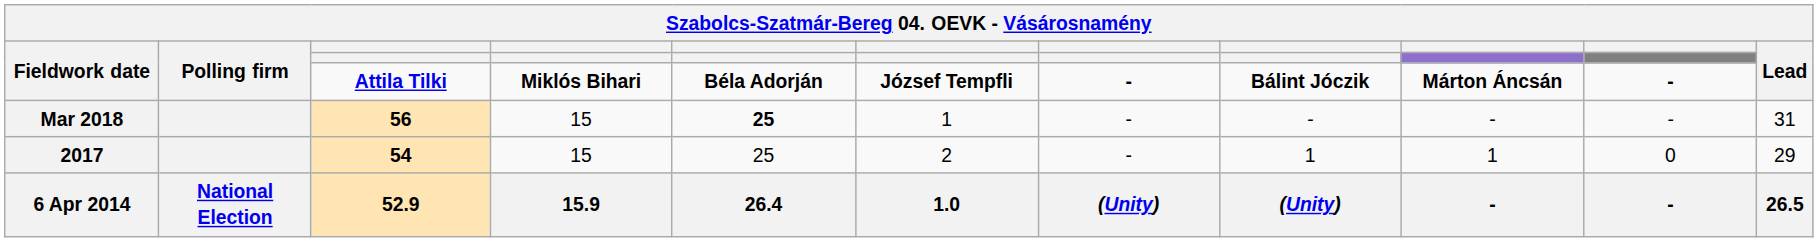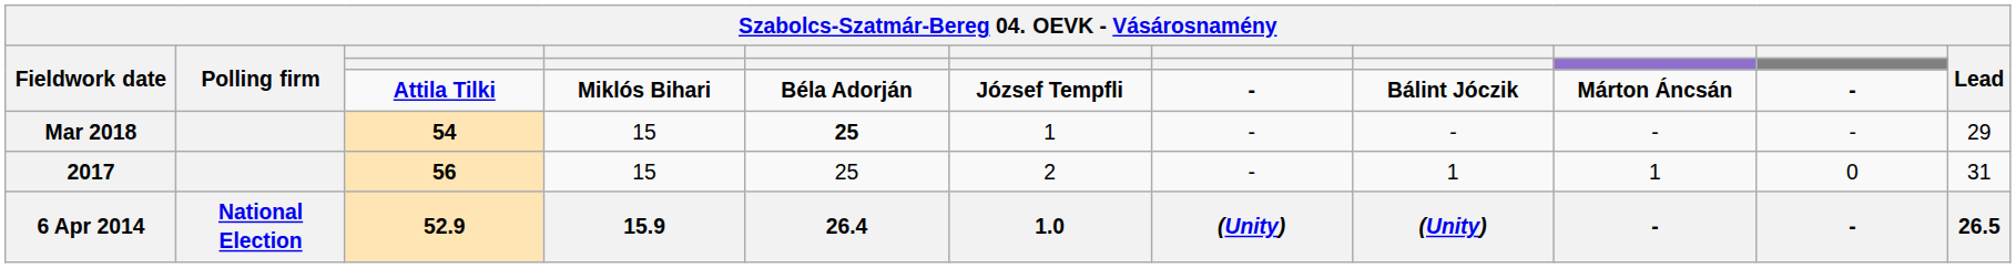 <table class="wikitable mw-collapsible mw-collapsed" style="text-align:center">
 <tr>
 <th colspan="11" style="width: 980pt;"><small><a href='#'>Szabolcs-Szatmár-Bereg</a> 04.</small> <small>OEVK - <a href='#'>Vásárosnamény</a></small></th>
 </tr>
 <tr>
 <th rowspan="3" style="width: 80pt;"><small>Fieldwork</small> <small>date</small></th>
 <th rowspan="3" style="width: 80pt;"><strong><small>Polling</small> <small>firm</small></strong></th>
 <th style="width: 100pt;"><small></small></th>
 <th style="width: 100pt;"><small> </small></th>
 <th style="width: 100pt;"></th>
 <th style="width: 100pt;"></th>
 <th style="width: 100pt;"></th>
 <th style="width: 100pt;"></th>
 <th style="width: 100pt;"></th>
 <th style="width: 100pt;"></th>
 <th rowspan="3" style="width: 20pt;"><small>Lead</small></th>
 </tr>
 <tr>
 <th style="color:inherit;background:"></th>
 <th style="color:inherit;background:"></th>
 <th style="color:inherit;background:"></th>
 <th style="color:inherit;background:"></th>
 <th style="color:inherit;background:"></th>
 <th style="color:inherit;background:"></th>
 <th style="color:inherit;background:#8E6FCE;"></th>
 <th style="color:inherit;background:#808080;"></th>
 </tr>
 <tr>
 <td><a href='#'><small><strong>Attila Tilki</strong></small></a></td>
 <td><small><strong>Miklós Bihari</strong></small></td>
 <td><small><strong>Béla Adorján</strong></small></td>
 <td><small><strong>József Tempfli</strong></small></td>
 <td><small><strong>-</strong></small></td>
 <td><small><strong>Bálint Jóczik</strong></small></td>
 <td><small><strong>Márton Áncsán</strong></small></td>
 <td><small><strong>-</strong></small></td>
 </tr>
 <tr>
 <th><small>Mar 2018</small></th>
 <th><small></small></th>
-<td style="background:#FFE5B4"><small><strong>56</strong></small></td>
+<td style="background:#FFE5B4"><small><strong>54</strong></small></td>
 <td><small>15</small></td>
 <td><strong><small>25</small></strong></td>
 <td><small>1</small></td>
 <td><small>-</small></td>
 <td><em><small>-</small></em></td>
 <td><small>-</small></td>
 <td><em><small>-</small></em></td>
-<td style="background:"><small>31</small></td>
+<td style="background:"><small>29</small></td>
 </tr>
 <tr>
 <th><small>2017</small></th>
 <th><small></small></th>
-<td style="background:#FFE5B4"><small><strong>54</strong></small></td>
+<td style="background:#FFE5B4"><small><strong>56</strong></small></td>
 <td><small>15</small></td>
 <td><small>25</small></td>
 <td><small>2</small></td>
 <td><small>-</small></td>
 <td><small>1</small></td>
 <td><small>1</small></td>
 <td><small>0</small></td>
-<td style="background:"><small>29</small></td>
+<td style="background:"><small>31</small></td>
 </tr>
 <tr>
 <th><small>6 Apr 2014</small></th>
 <th><a href='#'><small>National Election</small></a></th>
 <th style="background:#FFE5B4"><small><strong>52.9</strong></small></th>
 <th><small>15.9</small></th>
 <th><small>26.4</small></th>
 <th><small>1.0</small></th>
 <th><small><em>(<a href='#'>Unity</a>)</em></small></th>
 <th><small><em>(<a href='#'>Unity</a>)</em></small></th>
 <th><small>-</small></th>
 <th><small>-</small></th>
 <th style="background:"><small>26.5</small></th>
 </tr>
 </table>
